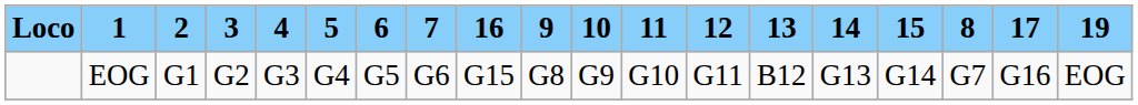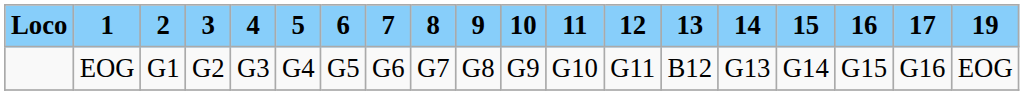 <table class="wikitable plainrowheaders unsortable" style="text-align:center">
 <tr>
 <th scope="col" rowspan="1" style="background:lightskyblue;">Loco</th>
 <th scope="col" rowspan="1" style="background:lightskyblue;">1</th>
 <th scope="col" rowspan="1" style="background:lightskyblue;">2</th>
 <th scope="col" rowspan="1" style="background:lightskyblue;">3</th>
 <th scope="col" rowspan="1" style="background:lightskyblue;">4</th>
 <th scope="col" rowspan="1" style="background:lightskyblue;">5</th>
 <th scope="col" rowspan="1" style="background:lightskyblue;">6</th>
 <th scope="col" rowspan="1" style="background:lightskyblue;">7</th>
-<th scope="col" rowspan="1" style="background:lightskyblue;">16</th>
+<th scope="col" rowspan="1" style="background:lightskyblue;">8</th>
 <th scope="col" rowspan="1" style="background:lightskyblue;">9</th>
 <th scope="col" rowspan="1" style="background:lightskyblue;">10</th>
 <th scope="col" rowspan="1" style="background:lightskyblue;">11</th>
 <th scope="col" rowspan="1" style="background:lightskyblue;">12</th>
 <th scope="col" rowspan="1" style="background:lightskyblue;">13</th>
 <th scope="col" rowspan="1" style="background:lightskyblue;">14</th>
 <th scope="col" rowspan="1" style="background:lightskyblue;">15</th>
-<th scope="col" rowspan="1" style="background:lightskyblue;">8</th>
+<th scope="col" rowspan="1" style="background:lightskyblue;">16</th>
 <th scope="col" rowspan="1" style="background:lightskyblue;">17</th>
 <th scope="col" rowspan="1" style="background:lightskyblue;">19</th>
 </tr>
 <tr>
 <td></td>
 <td>EOG</td>
 <td>G1</td>
 <td>G2</td>
 <td>G3</td>
 <td>G4</td>
 <td>G5</td>
 <td>G6</td>
-<td>G15</td>
+<td>G7</td>
 <td>G8</td>
 <td>G9</td>
 <td>G10</td>
 <td>G11</td>
 <td>B12</td>
 <td>G13</td>
 <td>G14</td>
-<td>G7</td>
+<td>G15</td>
 <td>G16</td>
 <td>EOG</td>
 </tr>
 </table>
